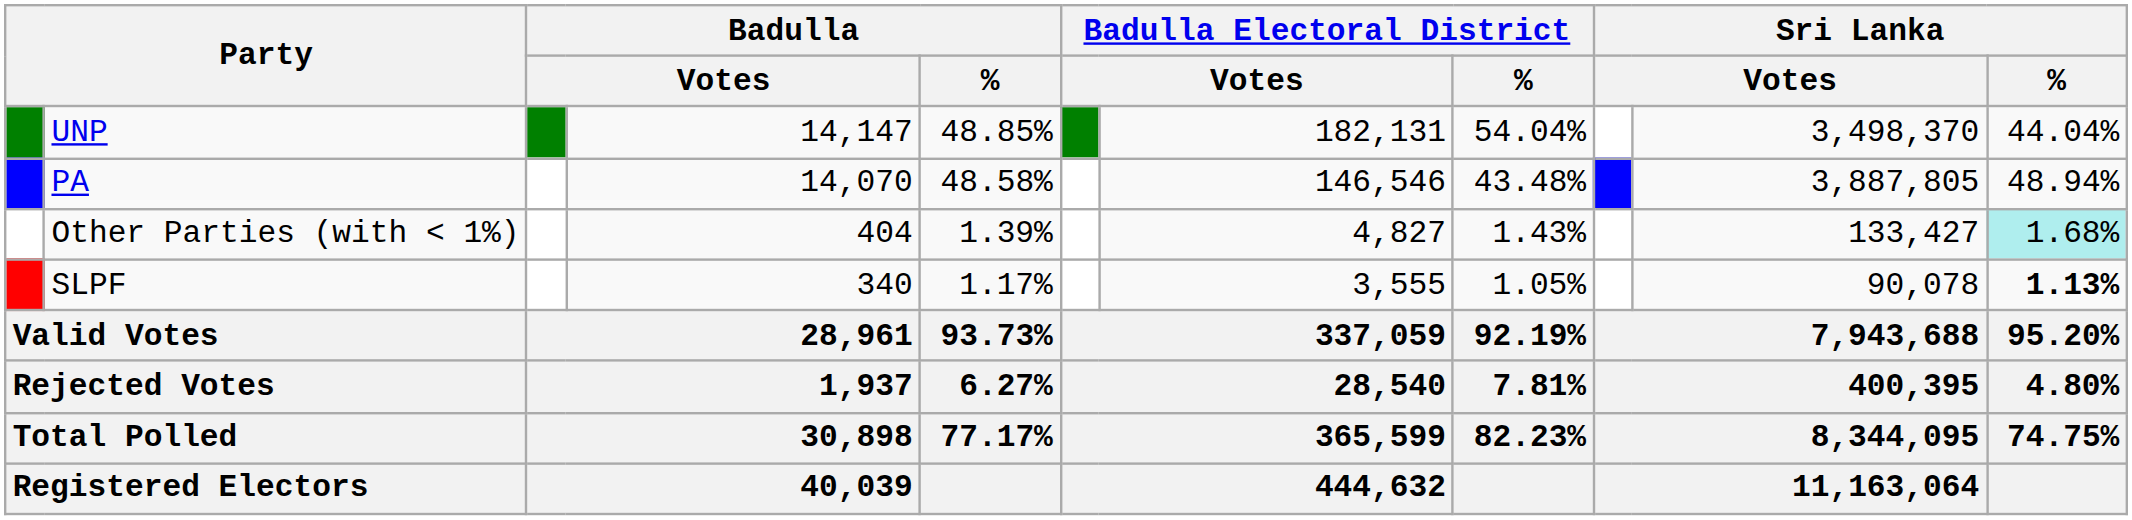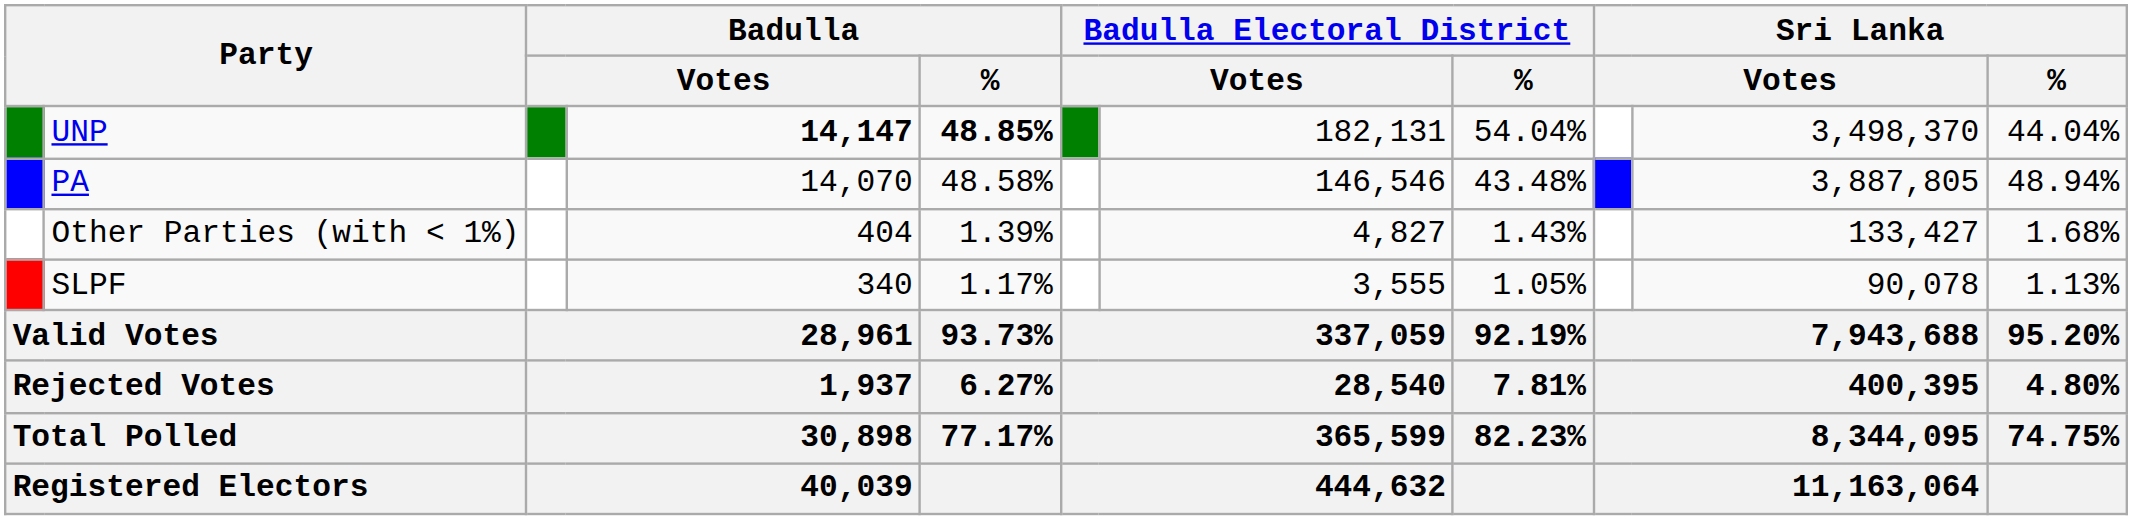 <table class="wikitable">
 <tr>
 <th colspan="2" width="144px"rowspan="2">Party</th>
 <th colspan="3" width="216px">Badulla</th>
 <th colspan="3" width="216px"><a href='#'>Badulla Electoral District</a></th>
 <th colspan="3" width="216px">Sri Lanka</th>
 </tr>
 <tr>
 <th colspan="2" width="144px">Votes</th>
 <th>%</th>
 <th colspan="2" width="144px">Votes</th>
 <th>%</th>
 <th colspan="2" width="144px">Votes</th>
 <th>%</th>
 </tr>
 <tr>
 <td style="background-color:green;" width="10px"></td>
 <td style="text-align:left;"><a href='#'>UNP</a></td>
 <td style="background-color:green;" width="10px"></td>
-<td style="text-align:right;">14,147</td>
-<td style="text-align:right;">48.85%</td>
+<td style="text-align:right;"><strong>14,147</strong></td>
+<td style="text-align:right;"><strong>48.85%</strong></td>
 <td style="background-color:green;" width="10px"></td>
 <td style="text-align:right;">182,131</td>
 <td style="text-align:right;">54.04%</td>
 <td style="background-color:white;" width="10px"></td>
 <td style="text-align:right;">3,498,370</td>
 <td style="text-align:right;">44.04%</td>
 </tr>
 <tr>
 <td style="background-color:blue;" width="10px"></td>
 <td style="text-align:left;"><a href='#'>PA</a></td>
 <td style="background-color:white;" width="10px"></td>
 <td style="text-align:right;">14,070</td>
 <td style="text-align:right;">48.58%</td>
 <td style="background-color:white;" width="10px"></td>
 <td style="text-align:right;">146,546</td>
 <td style="text-align:right;">43.48%</td>
 <td style="background-color:blue;" width="10px"></td>
 <td style="text-align:right;">3,887,805</td>
 <td style="text-align:right;">48.94%</td>
 </tr>
 <tr>
 <td style="background-color:white;" width="10px"></td>
 <td style="text-align:left;">Other Parties (with < 1%)</td>
 <td style="background-color:white;" width="10px"></td>
 <td style="text-align:right;">404</td>
 <td style="text-align:right;">1.39%</td>
 <td style="background-color:white;" width="10px"></td>
 <td style="text-align:right;">4,827</td>
 <td style="text-align:right;">1.43%</td>
 <td style="background-color:white;" width="10px"></td>
 <td style="text-align:right;">133,427</td>
-<td style="background: paleturquoise; text-align:right;">1.68%</td>
+<td style="text-align:right;">1.68%</td>
 </tr>
 <tr>
 <td style="background-color:red;" width="10px"></td>
 <td style="text-align:left;">SLPF</td>
 <td style="background-color:white;" width="10px"></td>
 <td style="text-align:right;">340</td>
 <td style="text-align:right;">1.17%</td>
 <td style="background-color:white;" width="10px"></td>
 <td style="text-align:right;">3,555</td>
 <td style="text-align:right;">1.05%</td>
 <td style="background-color:white;" width="10px"></td>
 <td style="text-align:right;">90,078</td>
-<td style="text-align:right;"><strong>1.13%</strong></td>
+<td style="text-align:right;">1.13%</td>
 </tr>
 <tr>
 <th colspan="2" width="144px"style="text-align:left;">Valid Votes</th>
 <th style="text-align:right;"colspan="2" width="144px">28,961</th>
 <th style="text-align:right;">93.73%</th>
 <th style="text-align:right;"colspan="2" width="144px">337,059</th>
 <th style="text-align:right;">92.19%</th>
 <th style="text-align:right;"colspan="2" width="144px">7,943,688</th>
 <th style="text-align:right;">95.20%</th>
 </tr>
 <tr>
 <th colspan="2" width="144px"style="text-align:left;">Rejected Votes</th>
 <th style="text-align:right;"colspan="2" width="144px">1,937</th>
 <th style="text-align:right;">6.27%</th>
 <th style="text-align:right;"colspan="2" width="144px">28,540</th>
 <th style="text-align:right;">7.81%</th>
 <th style="text-align:right;"colspan="2" width="144px">400,395</th>
 <th style="text-align:right;">4.80%</th>
 </tr>
 <tr>
 <th colspan="2" width="144px"style="text-align:left;">Total Polled</th>
 <th style="text-align:right;"colspan="2" width="144px">30,898</th>
 <th style="text-align:right;">77.17%</th>
 <th style="text-align:right;"colspan="2" width="144px">365,599</th>
 <th style="text-align:right;">82.23%</th>
 <th style="text-align:right;"colspan="2" width="144px">8,344,095</th>
 <th style="text-align:right;">74.75%</th>
 </tr>
 <tr>
 <th colspan="2" width="144px"style="text-align:left;">Registered Electors</th>
 <th style="text-align:right;"colspan="2" width="144px">40,039</th>
 <th></th>
 <th style="text-align:right;"colspan="2" width="144px">444,632</th>
 <th></th>
 <th style="text-align:right;"colspan="2" width="144px">11,163,064</th>
 <th></th>
 </tr>
 </table>
